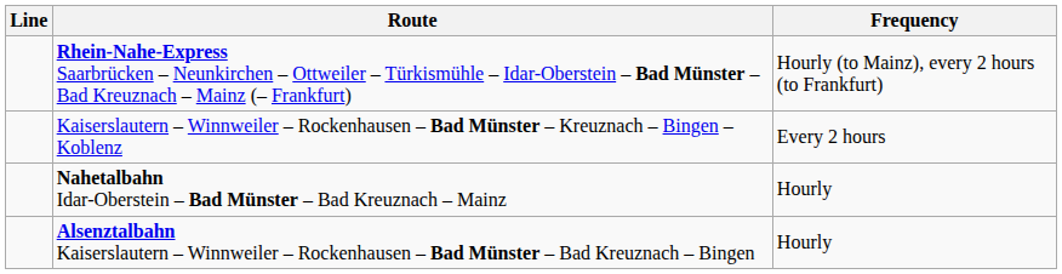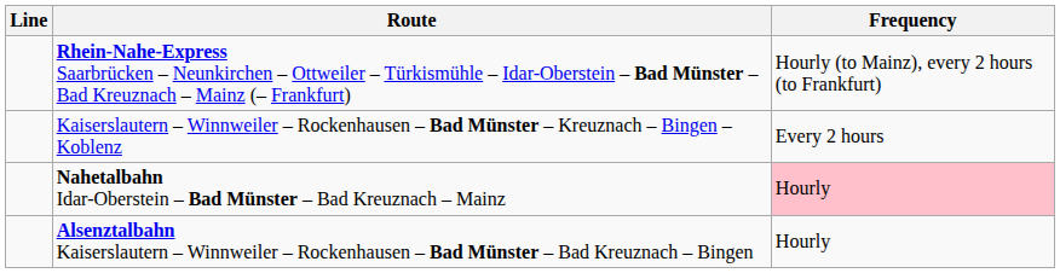 <table class="wikitable">
 <tr>
 <th>Line</th>
 <th>Route</th>
 <th>Frequency</th>
 </tr>
 <tr>
 <td></td>
 <td><strong><a href='#'>Rhein-Nahe-Express</a></strong><br><a href='#'>Saarbrücken</a> – <a href='#'>Neunkirchen</a> – <a href='#'>Ottweiler</a> – <a href='#'>Türkismühle</a> – <a href='#'>Idar-Oberstein</a> – <strong>Bad Münster</strong> – <a href='#'>Bad Kreuznach</a> – <a href='#'>Mainz</a> (– <a href='#'>Frankfurt</a>)</td>
 <td>Hourly (to Mainz), every 2 hours (to Frankfurt)</td>
 </tr>
 <tr>
 <td></td>
 <td><a href='#'>Kaiserslautern</a> – <a href='#'>Winnweiler</a> – Rockenhausen – <strong>Bad Münster</strong> –  Kreuznach – <a href='#'>Bingen</a> – <a href='#'>Koblenz</a></td>
 <td>Every 2 hours</td>
 </tr>
 <tr>
 <td></td>
 <td><strong>Nahetalbahn</strong><br>Idar-Oberstein – <strong>Bad Münster</strong> – Bad Kreuznach – Mainz</td>
-<td>Hourly</td>
+<td style="background: pink;">Hourly</td>
 </tr>
 <tr>
 <td></td>
 <td><strong><a href='#'>Alsenztalbahn</a></strong><br>Kaiserslautern – Winnweiler – Rockenhausen – <strong>Bad Münster</strong> – Bad Kreuznach  – Bingen</td>
 <td>Hourly</td>
 </tr>
 <tr>
 </tr>
 </table>
